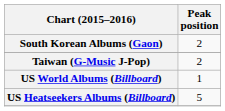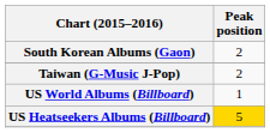 <table class="wikitable sortable plainrowheaders">
 <tr>
 <th scope="col">Chart (2015–2016)</th>
 <th scope="col">Peak<br>position</th>
 </tr>
 <tr>
 <th scope="row">South Korean Albums (<a href='#'>Gaon</a>)</th>
 <td align="center">2</td>
 </tr>
 <tr>
 </tr>
 <tr>
 <th scope="row">Taiwan (<a href='#'>G-Music</a> J-Pop)</th>
 <td align="center">2</td>
 </tr>
 <tr>
 <th scope="row">US <a href='#'>World Albums</a> (<a href='#'><em>Billboard</em></a>)</th>
 <td style="text-align:center">1</td>
 </tr>
 <tr>
 <th scope="row">US <a href='#'>Heatseekers Albums</a> (<a href='#'><em>Billboard</em></a>)</th>
-<td style="text-align:center">5</td>
+<td style="background: gold; text-align:center">5</td>
 </tr>
 <tr>
 </tr>
 </table>
